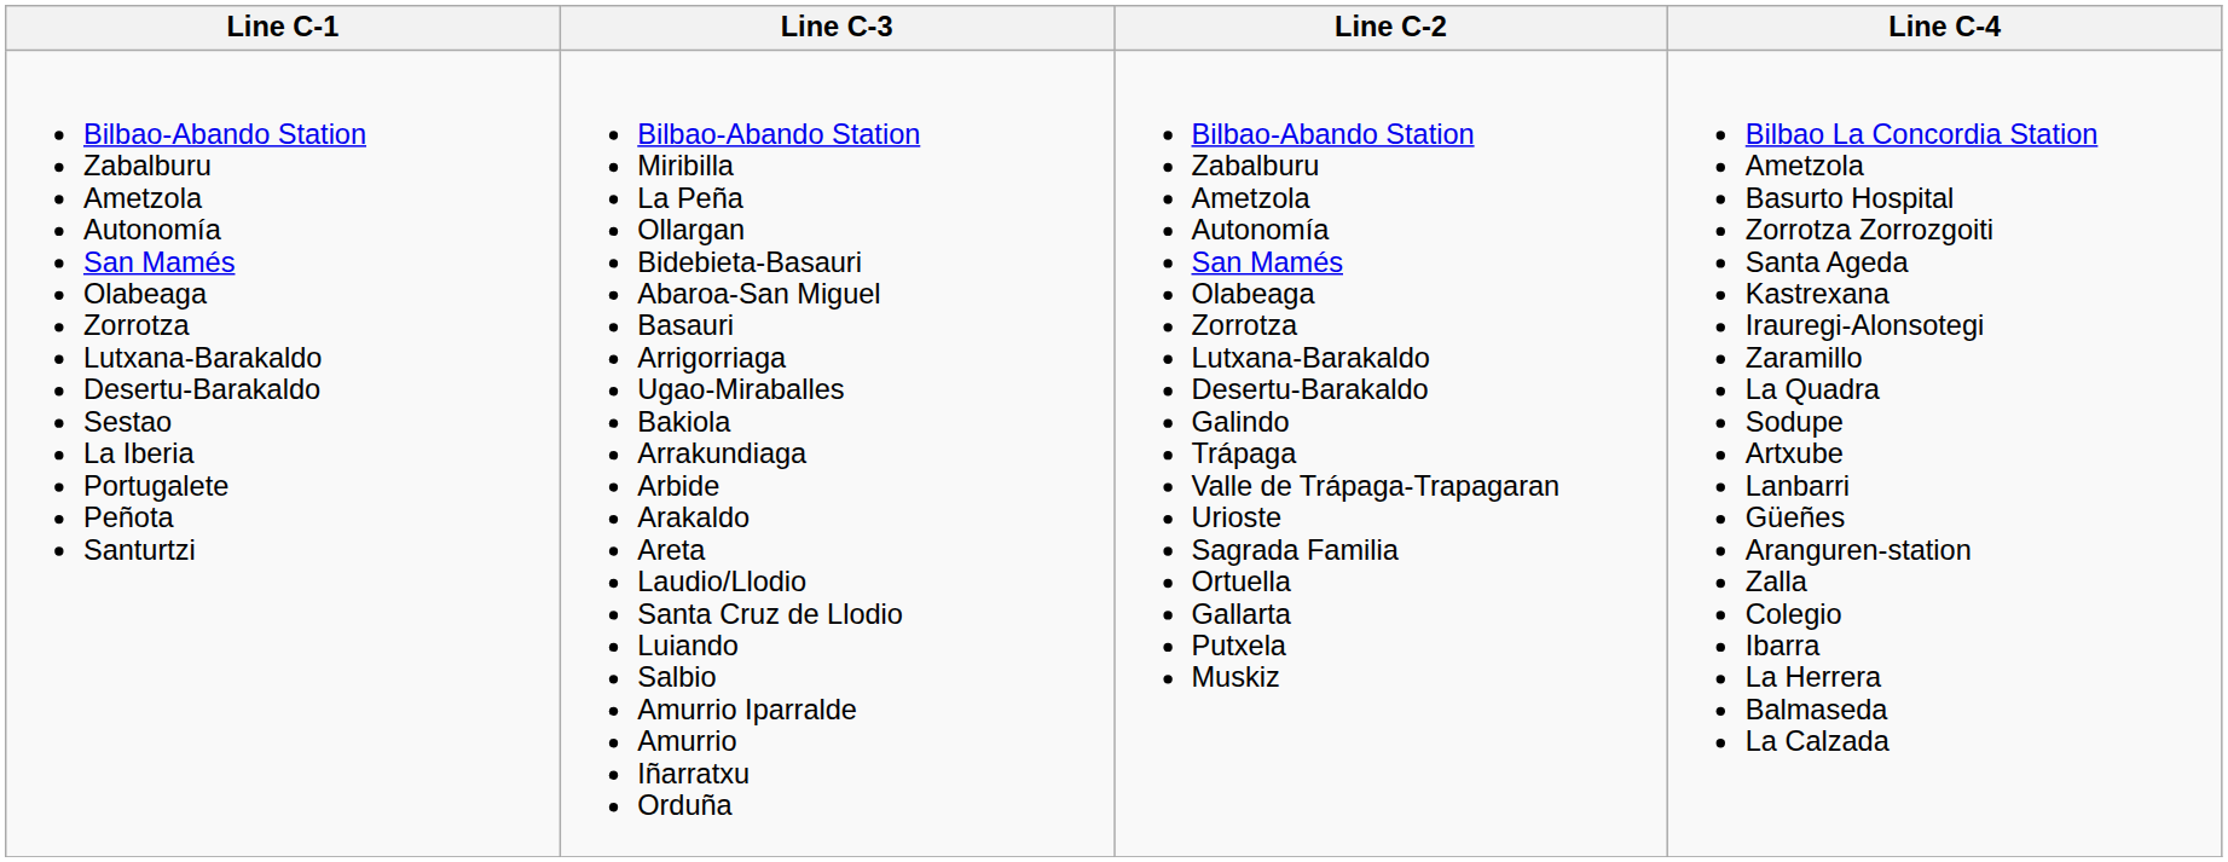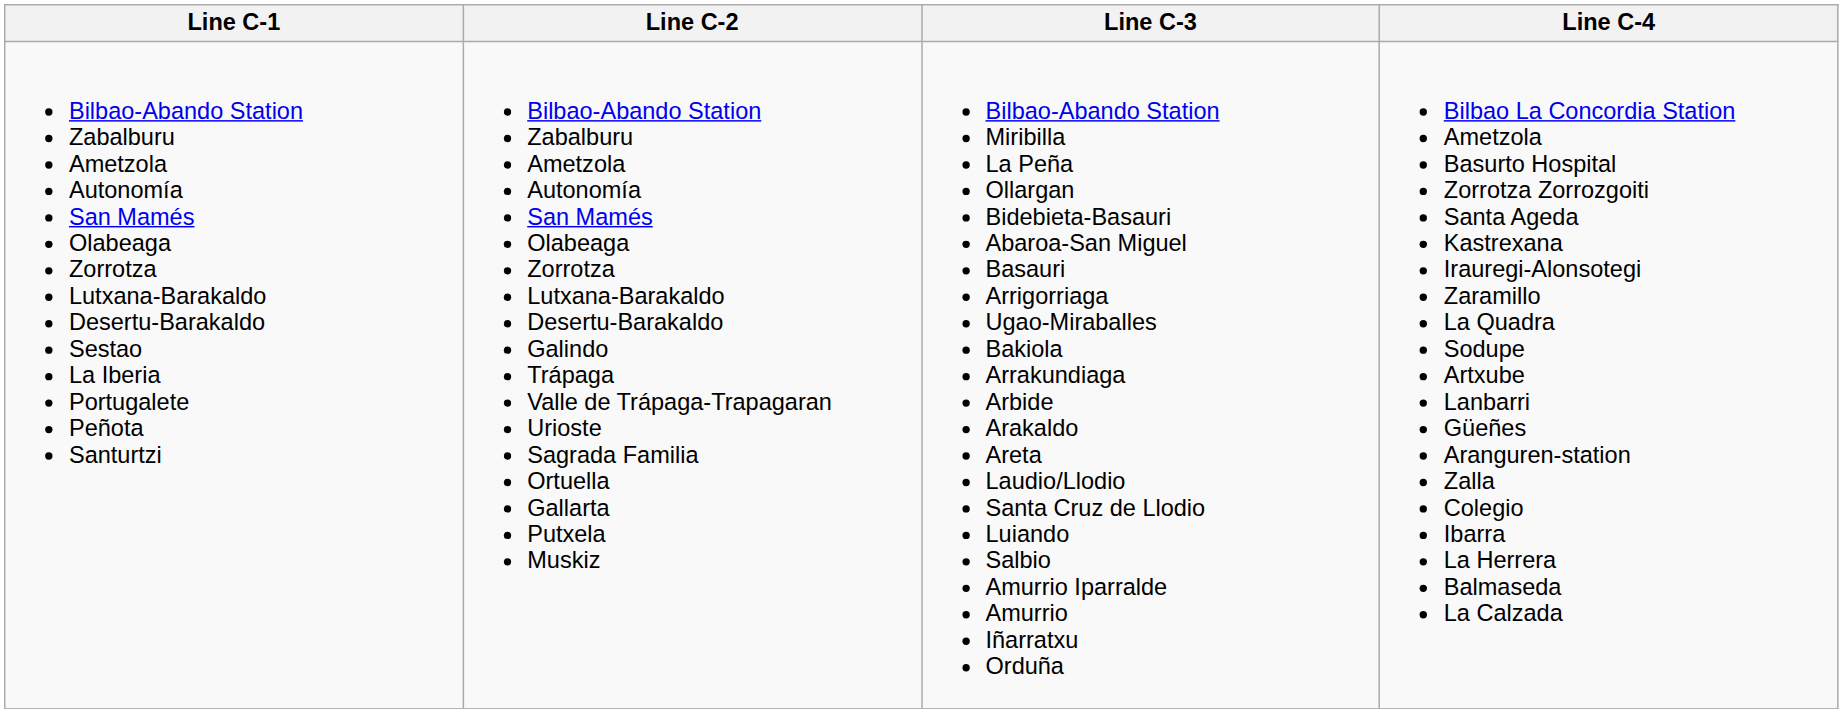 <table class="wikitable">
 <tr>
 <th>Line C-1</th>
+<th>Line C-2</th>
 <th>Line C-3</th>
-<th>Line C-2</th>
 <th>Line C-4</th>
 </tr>
 <tr>
 <td valign="top" width=20%><br><ul><li><a href='#'>Bilbao-Abando Station</a>   </li><li>Zabalburu</li><li>Ametzola</li><li>Autonomía</li><li><a href='#'>San Mamés</a>   </li><li>Olabeaga</li><li>Zorrotza</li><li>Lutxana-Barakaldo</li><li>Desertu-Barakaldo</li><li>Sestao</li><li>La Iberia</li><li>Portugalete</li><li>Peñota</li><li>Santurtzi</li></ul></td>
+<td valign="top" width=20%><br><ul><li><a href='#'>Bilbao-Abando Station</a>   </li><li>Zabalburu</li><li>Ametzola</li><li>Autonomía</li><li><a href='#'>San Mamés</a>   </li><li>Olabeaga</li><li>Zorrotza</li><li>Lutxana-Barakaldo</li><li>Desertu-Barakaldo</li><li>Galindo</li><li>Trápaga</li><li>Valle de Trápaga-Trapagaran</li><li>Urioste</li><li>Sagrada Familia</li><li>Ortuella</li><li>Gallarta</li><li>Putxela</li><li>Muskiz</li></ul></td>
 <td valign="top" width=20%><br><ul><li><a href='#'>Bilbao-Abando Station</a>   </li><li>Miribilla</li><li>La Peña</li><li>Ollargan</li><li>Bidebieta-Basauri</li><li>Abaroa-San Miguel</li><li>Basauri</li><li>Arrigorriaga</li><li>Ugao-Miraballes</li><li>Bakiola</li><li>Arrakundiaga</li><li>Arbide</li><li>Arakaldo</li><li>Areta</li><li>Laudio/Llodio</li><li>Santa Cruz de Llodio</li><li>Luiando</li><li>Salbio</li><li>Amurrio Iparralde</li><li>Amurrio</li><li>Iñarratxu</li><li>Orduña</li></ul></td>
-<td valign="top" width=20%><br><ul><li><a href='#'>Bilbao-Abando Station</a>   </li><li>Zabalburu</li><li>Ametzola</li><li>Autonomía</li><li><a href='#'>San Mamés</a>   </li><li>Olabeaga</li><li>Zorrotza</li><li>Lutxana-Barakaldo</li><li>Desertu-Barakaldo</li><li>Galindo</li><li>Trápaga</li><li>Valle de Trápaga-Trapagaran</li><li>Urioste</li><li>Sagrada Familia</li><li>Ortuella</li><li>Gallarta</li><li>Putxela</li><li>Muskiz</li></ul></td>
 <td valign="top" width=20%><br><ul><li><a href='#'>Bilbao La Concordia Station</a>   </li><li>Ametzola</li><li>Basurto Hospital   </li><li>Zorrotza Zorrozgoiti</li><li>Santa Ageda</li><li>Kastrexana</li><li>Irauregi-Alonsotegi</li><li>Zaramillo</li><li>La Quadra</li><li>Sodupe</li><li>Artxube</li><li>Lanbarri</li><li>Güeñes</li><li>Aranguren-station</li><li>Zalla</li><li>Colegio</li><li>Ibarra</li><li>La Herrera</li><li>Balmaseda</li><li>La Calzada</li></ul></td>
 </tr>
 </table>
